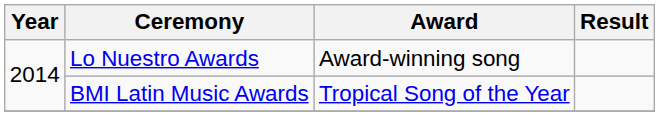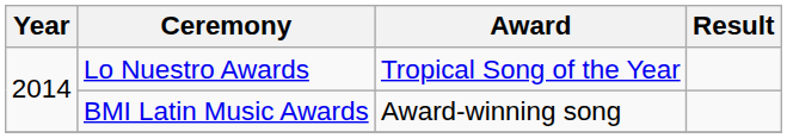 <table class="wikitable">
 <tr>
 <th>Year</th>
 <th>Ceremony</th>
 <th>Award</th>
 <th>Result</th>
 </tr>
 <tr>
 <td rowspan="2">2014</td>
 <td><a href='#'>Lo Nuestro Awards</a></td>
-<td>Award-winning song</td>
+<td><a href='#'>Tropical Song of the Year</a></td>
 <td></td>
 </tr>
 <tr>
 <td><a href='#'>BMI Latin Music Awards</a></td>
-<td><a href='#'>Tropical Song of the Year</a></td>
+<td>Award-winning song</td>
 <td></td>
 </tr>
 <tr>
 </tr>
 </table>
